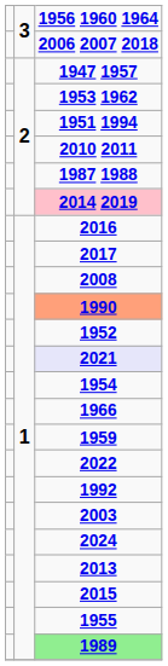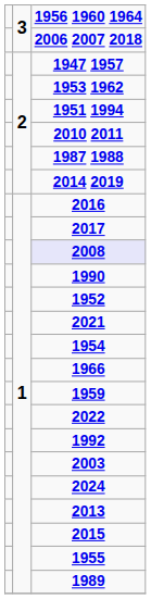 <table class="wikitable" style="text-align:center;">
 <tr>
 <td style=><strong></strong></td>
 <td rowspan=2><strong>3</strong></td>
 <td style="font-size:85%;"><strong><a href='#'>1956</a> <a href='#'>1960</a> <a href='#'>1964</a></strong></td>
 </tr>
 <tr>
 <td style=><strong><a href='#'></a></strong></td>
 <td style="font-size:85%;"><strong><a href='#'>2006</a> <a href='#'>2007</a> <a href='#'>2018</a></strong></td>
 </tr>
 <tr>
 <td style=><strong></strong></td>
 <td rowspan=6><strong>2</strong></td>
 <td style="font-size:85%;"><strong><a href='#'>1947</a> <a href='#'>1957</a></strong></td>
 </tr>
 <tr>
 <td style=><strong></strong></td>
 <td style="font-size:85%;"><strong><a href='#'>1953</a> <a href='#'>1962</a></strong></td>
 </tr>
 <tr>
 <td style=><strong></strong></td>
 <td style="font-size:85%;"><strong><a href='#'>1951</a> <a href='#'>1994</a></strong></td>
 </tr>
 <tr>
 <td style=><strong><a href='#'></a></strong></td>
 <td style="font-size:85%;"><strong><a href='#'>2010</a> <a href='#'>2011</a></strong></td>
 </tr>
 <tr>
 <td style=><strong><a href='#'></a></strong></td>
 <td style="font-size:85%;"><strong><a href='#'>1987</a> <a href='#'>1988</a></strong></td>
 </tr>
 <tr>
 <td style=><strong></strong></td>
-<td style="background: pink; font-size:85%;"><strong><a href='#'>2014</a> <a href='#'>2019</a></strong></td>
+<td style="font-size:85%;"><strong><a href='#'>2014</a> <a href='#'>2019</a></strong></td>
 </tr>
 <tr>
 <td style=><strong><a href='#'></a></strong></td>
 <td rowspan=17><strong>1</strong></td>
 <td style="font-size:85%;"><strong><a href='#'>2016</a></strong></td>
 </tr>
 <tr>
 <td style=><strong><a href='#'></a></strong></td>
 <td style="font-size:85%;"><strong><a href='#'>2017</a></strong></td>
 </tr>
 <tr>
 <td style=><strong><a href='#'></a></strong></td>
-<td style="font-size:85%;"><strong><a href='#'>2008</a></strong></td>
+<td style="background: lavender; font-size:85%;"><strong><a href='#'>2008</a></strong></td>
 </tr>
 <tr>
 <td style=><strong><a href='#'></a></strong></td>
-<td style="background: lightsalmon; font-size:85%;"><strong><a href='#'>1990</a></strong></td>
+<td style="font-size:85%;"><strong><a href='#'>1990</a></strong></td>
 </tr>
 <tr>
 <td style=><strong><a href='#'></a></strong></td>
 <td style="font-size:85%;"><strong><a href='#'>1952</a></strong></td>
 </tr>
 <tr>
 <td style=><strong><a href='#'></a></strong></td>
-<td style="background: lavender; font-size:85%;"><strong><a href='#'>2021</a></strong></td>
+<td style="font-size:85%;"><strong><a href='#'>2021</a></strong></td>
 </tr>
 <tr>
 <td style=><strong></strong></td>
 <td style="font-size:85%;"><strong><a href='#'>1954</a></strong></td>
 </tr>
 <tr>
 <td style=><strong><a href='#'></a></strong></td>
 <td style="font-size:85%;"><strong><a href='#'>1966</a></strong></td>
 </tr>
 <tr>
 <td style=><strong><a href='#'></a></strong></td>
 <td style="font-size:85%;"><strong><a href='#'>1959</a></strong></td>
 </tr>
 <tr>
 <td style=><strong><a href='#'></a></strong></td>
 <td style="font-size:85%;"><strong><a href='#'>2022</a></strong></td>
 </tr>
 <tr>
 <td style=><strong></strong></td>
 <td style="font-size:85%;"><strong><a href='#'>1992</a></strong></td>
 </tr>
 <tr>
 <td style=><strong></strong></td>
 <td style="font-size:85%;"><strong><a href='#'>2003</a></strong></td>
 </tr>
 <tr>
 <td style=><strong><a href='#'></a></strong></td>
 <td style="font-size:85%;"><strong><a href='#'>2024</a></strong></td>
 </tr>
 <tr>
 <td style=><strong><a href='#'></a></strong></td>
 <td style="font-size:85%;"><strong><a href='#'>2013</a></strong></td>
 </tr>
 <tr>
 <td style=><strong><a href='#'></a></strong></td>
 <td style="font-size:85%;"><strong><a href='#'>2015</a></strong></td>
 </tr>
 <tr>
 <td style=><strong></strong></td>
 <td style="font-size:85%;"><strong><a href='#'>1955</a></strong></td>
 </tr>
 <tr>
 <td style=><strong></strong></td>
-<td style="background: lightgreen; font-size:85%;"><strong><a href='#'>1989</a></strong></td>
+<td style="font-size:85%;"><strong><a href='#'>1989</a></strong></td>
 </tr>
 <tr>
 </tr>
 </table>
